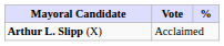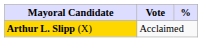 <table class="wikitable">
 <tr>
 <th style="background:#ddf; width:200px;">Mayoral Candidate</th>
 <th style="background:#ddf; width:50px;">Vote</th>
 <th style="background:#ddf; width:30px;">%</th>
 </tr>
 <tr>
-<td><strong>Arthur L. Slipp</strong> (X)</td>
+<td style="background: gold;"><strong>Arthur L. Slipp</strong> (X)</td>
 <td colspan="2">Acclaimed</td>
 </tr>
 </table>
